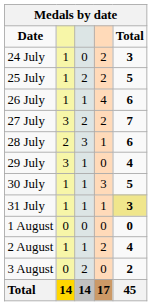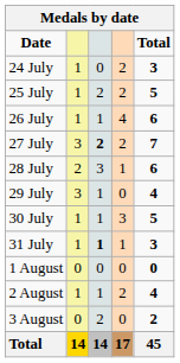 <table class="wikitable" style="text-align:center;font-size:90%">
 <tr style="background:#efefef;">
 <th colspan=7>Medals by date</th>
 </tr>
 <tr>
 <td><strong>Date</strong></td>
 <td bgcolor=#f7f6a8></td>
 <td bgcolor=#dce5e5></td>
 <td bgcolor=#ffdab9></td>
 <td><strong>Total</strong></td>
 </tr>
 <tr>
 <td style="text-align:left;">24 July</td>
 <td style="background:#F7F6A8;">1</td>
 <td style="background:#DCE5E5;">0</td>
 <td style="background:#FFDAB9;">2</td>
 <td><strong>3</strong></td>
 </tr>
 <tr>
 <td style="text-align:left;">25 July</td>
 <td style="background:#F7F6A8;">1</td>
 <td style="background:#DCE5E5;">2</td>
 <td style="background:#FFDAB9;">2</td>
 <td><strong>5</strong></td>
 </tr>
 <tr>
 <td style="text-align:left;">26 July</td>
 <td style="background:#F7F6A8;">1</td>
 <td style="background:#DCE5E5;">1</td>
 <td style="background:#FFDAB9;">4</td>
 <td><strong>6</strong></td>
 </tr>
 <tr>
 <td style="text-align:left;">27 July</td>
 <td style="background:#F7F6A8;">3</td>
-<td style="background:#DCE5E5;">2</td>
+<td style="background:#DCE5E5;"><strong>2</strong></td>
 <td style="background:#FFDAB9;">2</td>
 <td><strong>7</strong></td>
 </tr>
 <tr>
 <td style="text-align:left;">28 July</td>
 <td style="background:#F7F6A8;">2</td>
 <td style="background:#DCE5E5;">3</td>
 <td style="background:#FFDAB9;">1</td>
 <td><strong>6</strong></td>
 </tr>
 <tr>
 <td style="text-align:left;">29 July</td>
 <td style="background:#F7F6A8;">3</td>
 <td style="background:#DCE5E5;">1</td>
 <td style="background:#FFDAB9;">0</td>
 <td><strong>4</strong></td>
 </tr>
 <tr>
 <td style="text-align:left;">30 July</td>
 <td style="background:#F7F6A8;">1</td>
 <td style="background:#DCE5E5;">1</td>
 <td style="background:#FFDAB9;">3</td>
 <td><strong>5</strong></td>
 </tr>
 <tr>
 <td style="text-align:left;">31 July</td>
 <td style="background:#F7F6A8;">1</td>
-<td style="background:#DCE5E5;">1</td>
+<td style="background:#DCE5E5;"><strong>1</strong></td>
 <td style="background:#FFDAB9;">1</td>
-<td style="background: khaki;"><strong>3</strong></td>
+<td><strong>3</strong></td>
 </tr>
 <tr>
 <td style="text-align:left;">1 August</td>
 <td style="background:#F7F6A8;">0</td>
 <td style="background:#DCE5E5;">0</td>
 <td style="background:#FFDAB9;">0</td>
 <td><strong>0</strong></td>
 </tr>
 <tr>
 <td style="text-align:left;">2 August</td>
 <td style="background:#F7F6A8;">1</td>
 <td style="background:#DCE5E5;">1</td>
 <td style="background:#FFDAB9;">2</td>
 <td><strong>4</strong></td>
 </tr>
 <tr>
 <td style="text-align:left;">3 August</td>
 <td style="background:#F7F6A8;">0</td>
 <td style="background:#DCE5E5;">2</td>
 <td style="background:#FFDAB9;">0</td>
 <td><strong>2</strong></td>
 </tr>
 <tr>
 <th style="text-align:left;">Total</th>
 <th style="background:gold;">14</th>
 <th style="background:silver;">14</th>
 <th style="background:#c96;">17</th>
 <th>45</th>
 </tr>
 </table>
